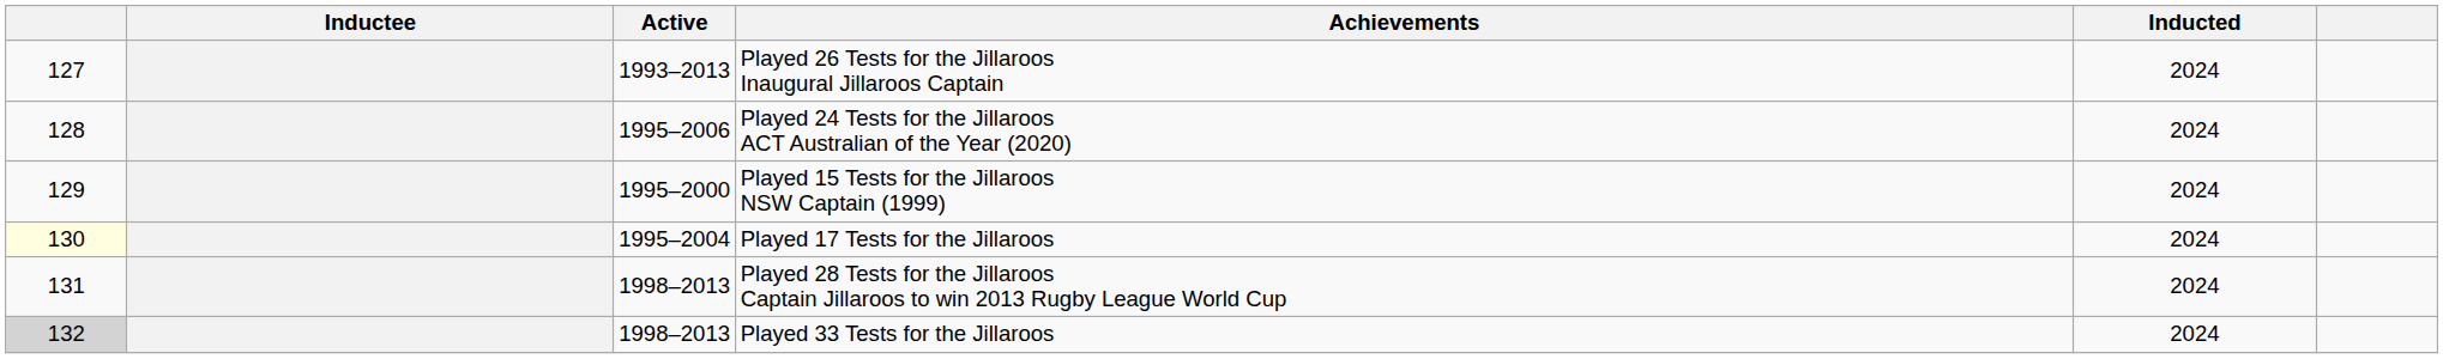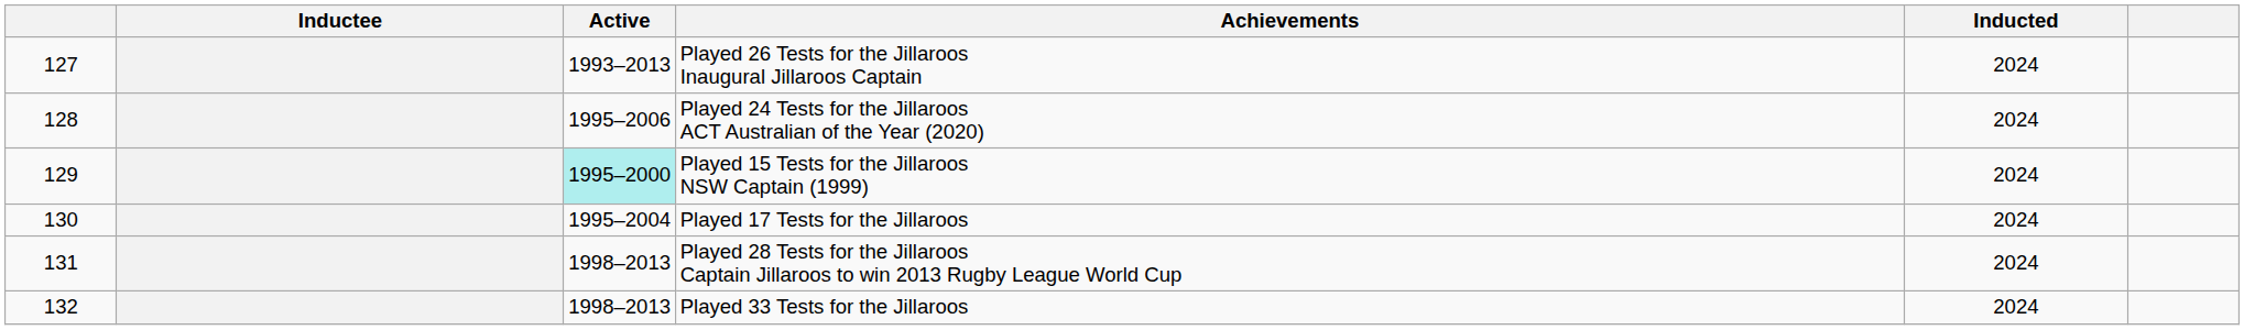 <table class="wikitable sortable" style="text-align:center">
 <tr>
 <th width="5%"></th>
 <th width="20%">Inductee</th>
 <th width="5%">Active</th>
 <th class="unsortable" style="width:55%;">Achievements</th>
 <th width="10%">Inducted</th>
 <th class="unsortable"width="5%"></th>
 </tr>
 <tr>
 <td>127</td>
 <th></th>
 <td>1993–2013</td>
 <td align="left">Played 26 Tests for the Jillaroos<br>Inaugural Jillaroos Captain</td>
 <td>2024</td>
 <td></td>
 </tr>
 <tr>
 <td>128</td>
 <th></th>
 <td>1995–2006</td>
 <td align="left">Played 24 Tests for the Jillaroos<br>ACT Australian of the Year (2020)</td>
 <td>2024</td>
 <td></td>
 </tr>
 <tr>
 <td>129</td>
 <th></th>
-<td>1995–2000</td>
+<td style="background: paleturquoise;">1995–2000</td>
 <td align="left">Played 15 Tests for the Jillaroos<br>NSW Captain (1999)</td>
 <td>2024</td>
 <td></td>
 </tr>
 <tr>
-<td style="background: lightyellow;">130</td>
+<td>130</td>
 <th></th>
 <td>1995–2004</td>
 <td align="left">Played 17 Tests for the Jillaroos</td>
 <td>2024</td>
 <td></td>
 </tr>
 <tr>
 <td>131</td>
 <th></th>
 <td>1998–2013</td>
 <td align="left">Played 28 Tests for the Jillaroos<br>Captain Jillaroos to win 2013 Rugby League World Cup</td>
 <td>2024</td>
 <td></td>
 </tr>
 <tr>
-<td style="background: lightgrey;">132</td>
+<td>132</td>
 <th></th>
 <td>1998–2013</td>
 <td align="left">Played 33 Tests for the Jillaroos</td>
 <td>2024</td>
 <td></td>
 </tr>
 <tr>
 </tr>
 </table>
